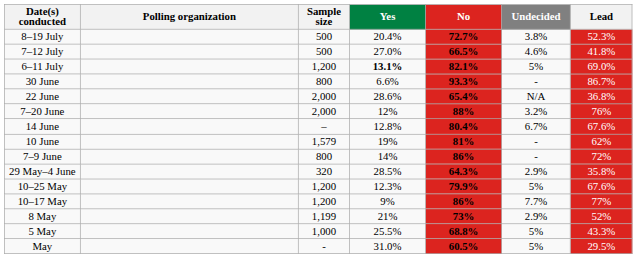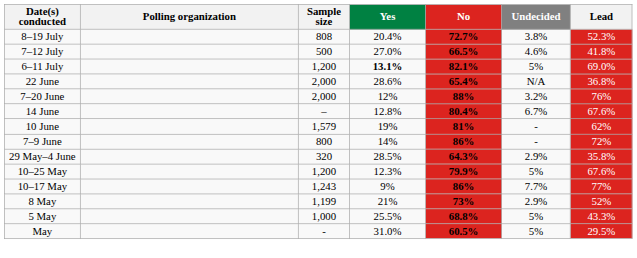 <table class="wikitable sortable" style="text-align: center; line-height: 14px; font-size: 95%;">
 <tr>
 <th style="width: 100px;" !>Date(s)<br>conducted</th>
 <th style="width: 300px;">Polling organization</th>
 <th class="unsortable" style="width: 65px;">Sample size</th>
 <th class="unsortable" style="background: rgb(0, 129, 66); width: 100px; color: white;">Yes</th>
 <th class="unsortable" style="background: rgb(220, 36, 31); width: 100px; color: white;">No</th>
 <th class="unsortable" style="background: gray; width: 90px; color: white;">Undecided</th>
 <th class="unsortable" style="width: 80px;">Lead</th>
 </tr>
 <tr>
 <td data-sort-value="2014-09-17">8–19 July</td>
 <td></td>
-<td>500</td>
+<td>808</td>
 <td>20.4%</td>
 <td style="background: rgb(220, 36, 31);"><strong>72.7%</strong></td>
 <td>3.8%</td>
 <td style="background: rgb(220, 36, 31); color: white;">52.3%</td>
 </tr>
 <tr>
 <td data-sort-value="2014-09-17">7–12 July</td>
 <td></td>
 <td>500</td>
 <td>27.0%</td>
 <td style="background: rgb(220, 36, 31);"><strong>66.5%</strong></td>
 <td>4.6%</td>
 <td style="background: rgb(220, 36, 31); color: white;">41.8%</td>
 </tr>
 <tr>
 <td data-sort-value="2014-09-17">6–11 July</td>
 <td></td>
 <td>1,200</td>
 <td><strong>13.1%</strong></td>
 <td style="background: rgb(220, 36, 31);"><strong>82.1%</strong></td>
 <td>5%</td>
 <td style="background: rgb(220, 36, 31); color: white;">69.0%</td>
-</tr>
-<tr>
-<td data-sort-value="2014-09-17">30 June</td>
-<td></td>
-<td>800</td>
-<td>6.6%</td>
-<td style="background: rgb(220, 36, 31);"><strong>93.3%</strong></td>
-<td>-</td>
-<td style="background: rgb(220, 36, 31); color: white;">86.7%</td>
 </tr>
 <tr>
 <td data-sort-value="2014-09-17">22 June</td>
 <td></td>
 <td>2,000</td>
 <td>28.6%</td>
 <td style="background: rgb(220, 36, 31);"><strong>65.4%</strong></td>
 <td>N/A</td>
 <td style="background: rgb(220, 36, 31); color: white;">36.8%</td>
 </tr>
 <tr>
 <td data-sort-value="2014-09-17">7–20 June</td>
 <td></td>
 <td>2,000</td>
 <td>12%</td>
 <td style="background: rgb(220, 36, 31);"><strong>88%</strong></td>
 <td>3.2%</td>
 <td style="background: rgb(220, 36, 31); color: white;">76%</td>
 </tr>
 <tr>
 <td data-sort-value="2014-09-17">14 June</td>
 <td></td>
 <td>–</td>
 <td>12.8%</td>
 <td style="background: rgb(220, 36, 31);"><strong>80.4%</strong></td>
 <td>6.7%</td>
 <td style="background: rgb(220, 36, 31); color: white;">67.6%</td>
 </tr>
 <tr>
 <td data-sort-value="2014-09-17">10 June</td>
 <td></td>
 <td>1,579</td>
 <td>19%</td>
 <td style="background: rgb(220, 36, 31);"><strong>81%</strong></td>
 <td>-</td>
 <td style="background: rgb(220, 36, 31); color: white;">62%</td>
 </tr>
 <tr>
 <td data-sort-value="2014-09-17">7–9 June</td>
 <td></td>
 <td>800</td>
 <td>14%</td>
 <td style="background: rgb(220, 36, 31);"><strong>86%</strong></td>
 <td>-</td>
 <td style="background: rgb(220, 36, 31); color: white;">72%</td>
 </tr>
 <tr>
 <td data-sort-value="2014-09-17">29 May–4 June</td>
 <td></td>
 <td>320</td>
 <td>28.5%</td>
 <td style="background: rgb(220, 36, 31);"><strong>64.3%</strong></td>
 <td>2.9%</td>
 <td style="background: rgb(220, 36, 31); color: white;">35.8%</td>
 </tr>
 <tr>
 <td data-sort-value="2014-09-17">10–25 May</td>
 <td></td>
 <td>1,200</td>
 <td>12.3%</td>
 <td style="background: rgb(220, 36, 31);"><strong>79.9%</strong></td>
 <td>5%</td>
 <td style="background: rgb(220, 36, 31); color: white;">67.6%</td>
 </tr>
 <tr>
 <td data-sort-value="2014-09-17">10–17 May</td>
 <td></td>
-<td>1,200</td>
+<td>1,243</td>
 <td>9%</td>
 <td style="background: rgb(220, 36, 31);"><strong>86%</strong></td>
 <td>7.7%</td>
 <td style="background: rgb(220, 36, 31); color: white;">77%</td>
 </tr>
 <tr>
 <td data-sort-value="2014-09-17">8 May</td>
 <td></td>
 <td>1,199</td>
 <td>21%</td>
 <td style="background: rgb(220, 36, 31);"><strong>73%</strong></td>
 <td>2.9%</td>
 <td style="background: rgb(220, 36, 31); color: white;">52%</td>
 </tr>
 <tr>
 <td data-sort-value="2014-09-17">5 May</td>
 <td></td>
 <td>1,000</td>
 <td>25.5%</td>
 <td style="background: rgb(220, 36, 31);"><strong>68.8%</strong></td>
 <td>5%</td>
 <td style="background: rgb(220, 36, 31); color: white;">43.3%</td>
 </tr>
 <tr>
 <td data-sort-value="2014-09-17">May</td>
 <td></td>
 <td>-</td>
 <td>31.0%</td>
 <td style="background: rgb(220, 36, 31);"><strong>60.5%</strong></td>
 <td>5%</td>
 <td style="background: rgb(220, 36, 31); color: white;">29.5%</td>
 </tr>
 </table>
